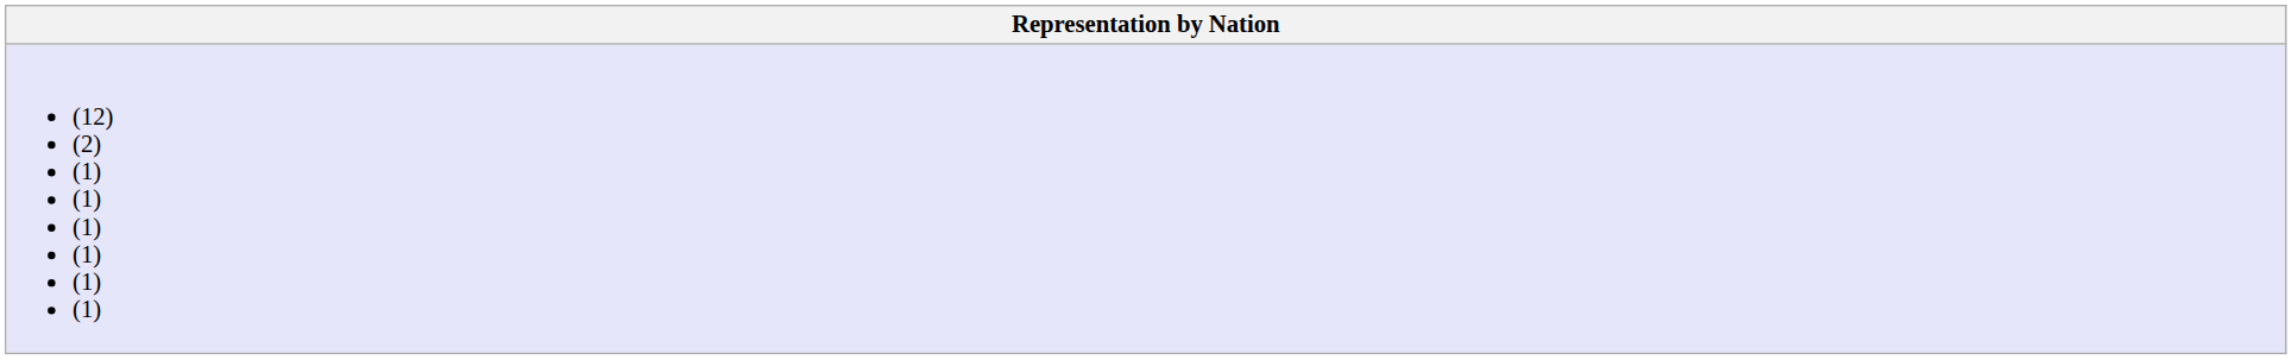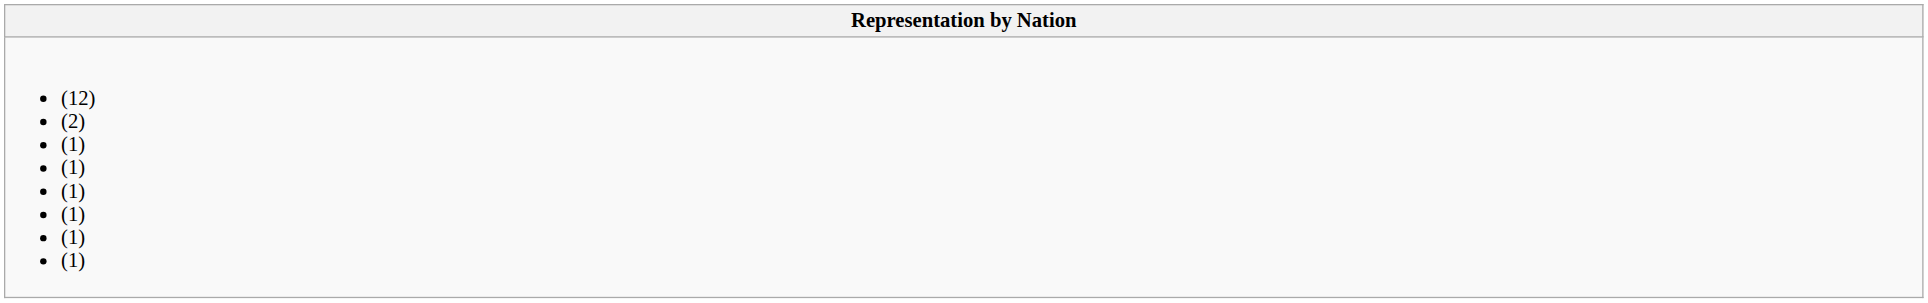 <table class="wikitable mw-collapsible" style="width:75%">
 <tr>
 <th>Representation by Nation</th>
 </tr>
 <tr>
-<td style="background: lavender;"><br><ul><li> (12)</li><li> (2)</li><li> (1)</li><li> (1)</li><li> (1)</li><li> (1)</li><li> (1)</li><li> (1)</li></ul></td>
+<td><br><ul><li> (12)</li><li> (2)</li><li> (1)</li><li> (1)</li><li> (1)</li><li> (1)</li><li> (1)</li><li> (1)</li></ul></td>
 </tr>
 </table>
